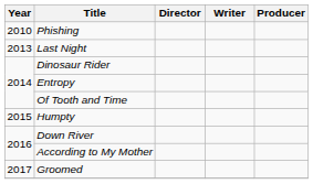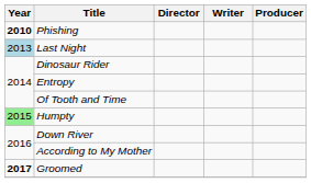 <table class="wikitable">
 <tr>
 <th>Year</th>
 <th>Title</th>
 <th width=65>Director</th>
 <th width=65>Writer</th>
 <th width=65>Producer</th>
 </tr>
 <tr>
-<td>2010</td>
+<td><strong>2010</strong></td>
 <td><em>Phishing</em></td>
 <td></td>
 <td></td>
 <td></td>
 </tr>
 <tr>
-<td>2013</td>
+<td style="background: lightblue;">2013</td>
 <td><em>Last Night</em></td>
 <td></td>
 <td></td>
 <td></td>
 </tr>
 <tr>
 <td rowspan=3>2014</td>
 <td><em>Dinosaur Rider</em></td>
 <td></td>
 <td></td>
 <td></td>
 </tr>
 <tr>
 <td><em>Entropy</em></td>
 <td></td>
 <td></td>
 <td></td>
 </tr>
 <tr>
 <td><em>Of Tooth and Time</em></td>
 <td></td>
 <td></td>
 <td></td>
 </tr>
 <tr>
-<td>2015</td>
+<td style="background: lightgreen;">2015</td>
 <td><em>Humpty</em></td>
 <td></td>
 <td></td>
 <td></td>
 </tr>
 <tr>
 <td rowspan=2>2016</td>
 <td><em>Down River</em></td>
 <td></td>
 <td></td>
 <td></td>
 </tr>
 <tr>
 <td><em>According to My Mother</em></td>
 <td></td>
 <td></td>
 <td></td>
 </tr>
 <tr>
-<td>2017</td>
+<td><strong>2017</strong></td>
 <td><em>Groomed</em></td>
 <td></td>
 <td></td>
 <td></td>
 </tr>
 <tr>
 </tr>
 </table>
